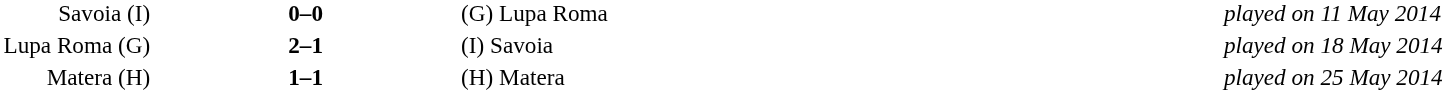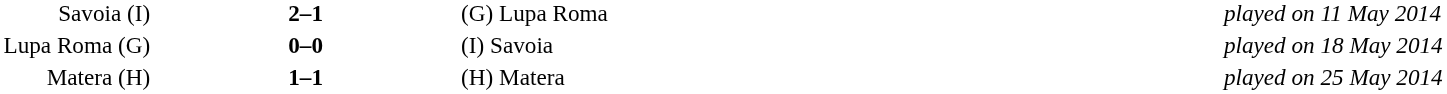 <table width="100%" cellspacing="1">
 <tr>
 <th width="30%"></th>
 <th width="12%"></th>
 <th width="30%"></th>
 <th width="30%'"></th>
 <th></th>
 </tr>
 <tr style="font-size:90%;">
 <td align="right">Savoia (I)</td>
-<td align="center"><strong>0–0</strong></td>
+<td align="center"><strong>2–1</strong></td>
 <td align="left">(G) Lupa Roma</td>
 <td align="left"><em>played on 11 May 2014</em></td>
 </tr>
 <tr style="font-size:90%;">
 <td align="right">Lupa Roma (G)</td>
-<td align="center"><strong>2–1</strong></td>
+<td align="center"><strong>0–0</strong></td>
 <td align="left">(I) Savoia</td>
 <td align="left"><em>played on 18 May 2014</em></td>
 </tr>
 <tr style="font-size:90%;">
 <td align="right">Matera (H)</td>
 <td align="center"><strong>1–1</strong></td>
 <td align="left">(H) Matera</td>
 <td align="left"><em>played on 25 May 2014</em></td>
 </tr>
 </table>
